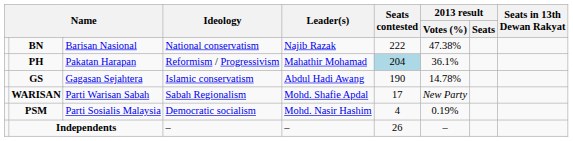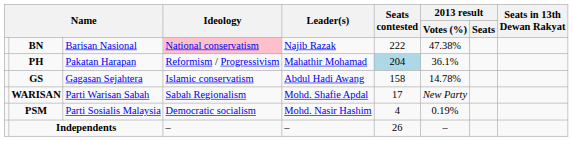 <table class="wikitable">
 <tr>
 <th rowspan="2" colspan="4">Name</th>
 <th rowspan="2">Ideology</th>
 <th rowspan="2">Leader(s)</th>
 <th rowspan="2">Seats<br>contested</th>
 <th colspan="2">2013 result</th>
 <th rowspan="2">Seats in 13th<br>Dewan Rakyat</th>
 </tr>
 <tr>
 <th>Votes (%)</th>
 <th>Seats</th>
 </tr>
 <tr>
 <td style="background:"></td>
 <td colspan="2" style="text-align:center;"><strong>BN</strong></td>
 <td><a href='#'>Barisan Nasional</a><br></td>
-<td><a href='#'>National conservatism</a></td>
+<td style="background: pink;"><a href='#'>National conservatism</a></td>
 <td><a href='#'>Najib Razak</a></td>
 <td style="text-align:center;">222</td>
 <td style="text-align:center;">47.38%</td>
 <td></td>
 <td></td>
 </tr>
 <tr>
 <td style="background:"></td>
 <td colspan="2" style="text-align:center;"><strong>PH</strong></td>
 <td><a href='#'>Pakatan Harapan</a><br></td>
 <td><a href='#'>Reformism</a> / <a href='#'>Progressivism</a></td>
 <td><a href='#'>Mahathir Mohamad</a></td>
 <td style="background: lightblue; text-align:center;">204</td>
 <td style="text-align:center;">36.1%</td>
 <td></td>
 <td></td>
 </tr>
 <tr>
 <td style="background:"></td>
 <td colspan="2" style="text-align:center;"><strong>GS</strong></td>
 <td><a href='#'>Gagasan Sejahtera</a><br></td>
 <td><a href='#'>Islamic conservatism</a></td>
 <td><a href='#'>Abdul Hadi Awang</a></td>
-<td style="text-align:center;">190</td>
+<td style="text-align:center;">158</td>
 <td style="text-align:center;">14.78%</td>
 <td></td>
 <td></td>
 </tr>
 <tr>
 <td style="background:"></td>
 <td colspan="2" style="text-align:center;"><strong>WARISAN</strong></td>
 <td><a href='#'>Parti Warisan Sabah</a><br></td>
 <td><a href='#'>Sabah Regionalism</a></td>
 <td><a href='#'>Mohd. Shafie Apdal</a></td>
 <td style="text-align:center;">17</td>
 <td style="text-align:center;"><em>New Party</em></td>
 <td></td>
 <td></td>
 </tr>
 <tr>
 <td style="background:"></td>
 <td colspan="2" style="text-align:center;"><strong>PSM</strong></td>
 <td><a href='#'>Parti Sosialis Malaysia</a><br></td>
 <td><a href='#'>Democratic socialism</a></td>
 <td><a href='#'>Mohd. Nasir Hashim</a></td>
 <td style="text-align:center;">4</td>
 <td style="text-align:center;">0.19%</td>
 <td></td>
 <td></td>
 </tr>
 <tr>
 <td style="background:"></td>
 <td colspan="3" style="text-align:center;"><strong>Independents</strong></td>
 <td>–</td>
 <td>–</td>
 <td style="text-align:center;">26</td>
 <td style="text-align:center;">–</td>
 <td></td>
 <td></td>
 </tr>
 </table>
